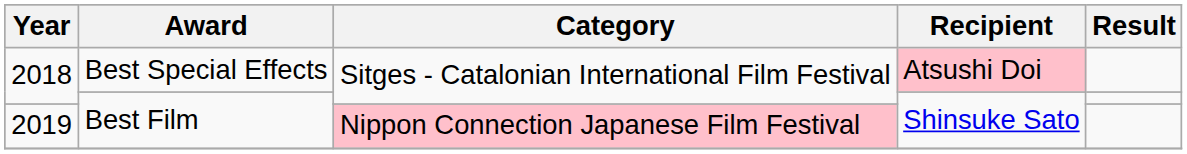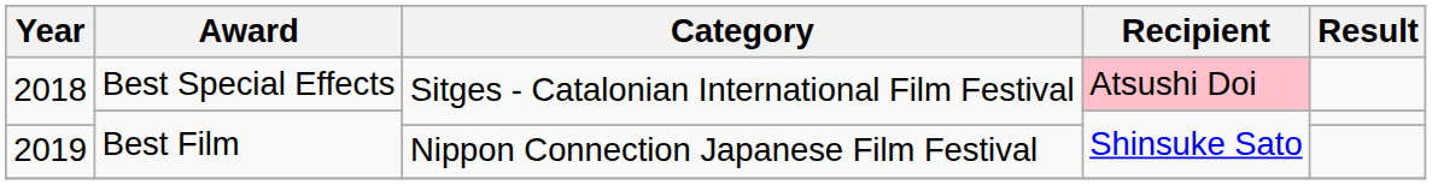 <table class="wikitable plainrowheaders sortable">
 <tr>
 <th scope="col">Year</th>
 <th scope="col">Award</th>
 <th scope="col">Category</th>
 <th scope="col">Recipient</th>
 <th scope="col">Result</th>
 </tr>
 <tr>
 <td rowspan="2">2018</td>
 <td>Best Special Effects</td>
 <td rowspan="2">Sitges - Catalonian International Film Festival</td>
 <td style="background: pink;">Atsushi Doi</td>
 <td></td>
 </tr>
 <tr>
 <td rowspan="2">Best Film</td>
 <td rowspan="2"><a href='#'>Shinsuke Sato</a></td>
 <td></td>
 </tr>
 <tr>
 <td>2019</td>
-<td style="background: pink;">Nippon Connection Japanese Film Festival</td>
+<td>Nippon Connection Japanese Film Festival</td>
 <td></td>
 </tr>
 <tr>
 </tr>
 </table>
